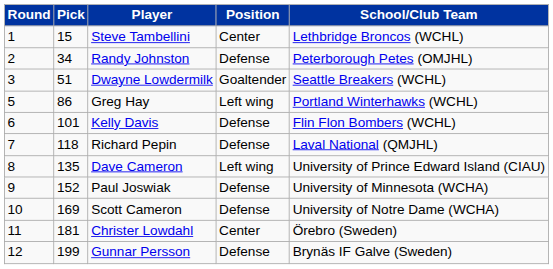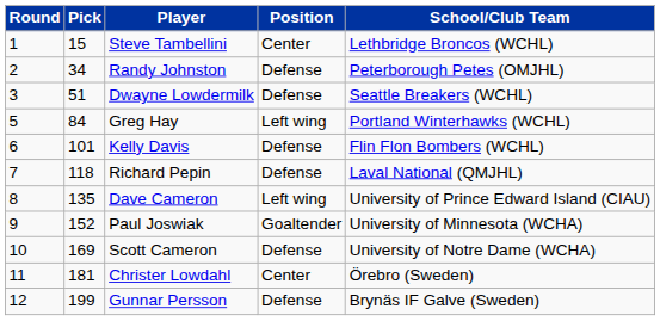 <table class="wikitable sortable sortable">
 <tr>
 <th style="color:white; background:#0033a0; ">Round</th>
 <th style="color:white; background:#0033a0; ">Pick</th>
 <th style="color:white; background:#0033a0; ">Player</th>
 <th style="color:white; background:#0033a0; ">Position</th>
 <th style="color:white; background:#0033a0; ">School/Club Team</th>
 </tr>
 <tr>
 <td>1</td>
 <td>15</td>
 <td><a href='#'>Steve Tambellini</a></td>
 <td>Center</td>
 <td><a href='#'>Lethbridge Broncos</a> (WCHL)</td>
 </tr>
 <tr>
 <td>2</td>
 <td>34</td>
 <td><a href='#'>Randy Johnston</a></td>
 <td>Defense</td>
 <td><a href='#'>Peterborough Petes</a> (OMJHL)</td>
 </tr>
 <tr>
 <td>3</td>
 <td>51</td>
 <td><a href='#'>Dwayne Lowdermilk</a></td>
-<td>Goaltender</td>
+<td>Defense</td>
 <td><a href='#'>Seattle Breakers</a> (WCHL)</td>
 </tr>
 <tr>
 <td>5</td>
-<td>86</td>
+<td>84</td>
 <td>Greg Hay</td>
 <td>Left wing</td>
 <td><a href='#'>Portland Winterhawks</a> (WCHL)</td>
 </tr>
 <tr>
 <td>6</td>
 <td>101</td>
 <td><a href='#'>Kelly Davis</a></td>
 <td>Defense</td>
 <td><a href='#'>Flin Flon Bombers</a> (WCHL)</td>
 </tr>
 <tr>
 <td>7</td>
 <td>118</td>
 <td>Richard Pepin</td>
 <td>Defense</td>
 <td><a href='#'>Laval National</a> (QMJHL)</td>
 </tr>
 <tr>
 <td>8</td>
 <td>135</td>
 <td><a href='#'>Dave Cameron</a></td>
 <td>Left wing</td>
 <td>University of Prince Edward Island (CIAU)</td>
 </tr>
 <tr>
 <td>9</td>
 <td>152</td>
 <td>Paul Joswiak</td>
-<td>Defense</td>
+<td>Goaltender</td>
 <td>University of Minnesota (WCHA)</td>
 </tr>
 <tr>
 <td>10</td>
 <td>169</td>
 <td>Scott Cameron</td>
 <td>Defense</td>
 <td>University of Notre Dame (WCHA)</td>
 </tr>
 <tr>
 <td>11</td>
 <td>181</td>
 <td><a href='#'>Christer Lowdahl</a></td>
 <td>Center</td>
 <td>Örebro (Sweden)</td>
 </tr>
 <tr>
 <td>12</td>
 <td>199</td>
 <td><a href='#'>Gunnar Persson</a></td>
 <td>Defense</td>
 <td>Brynäs IF Galve (Sweden)</td>
 </tr>
 </table>
